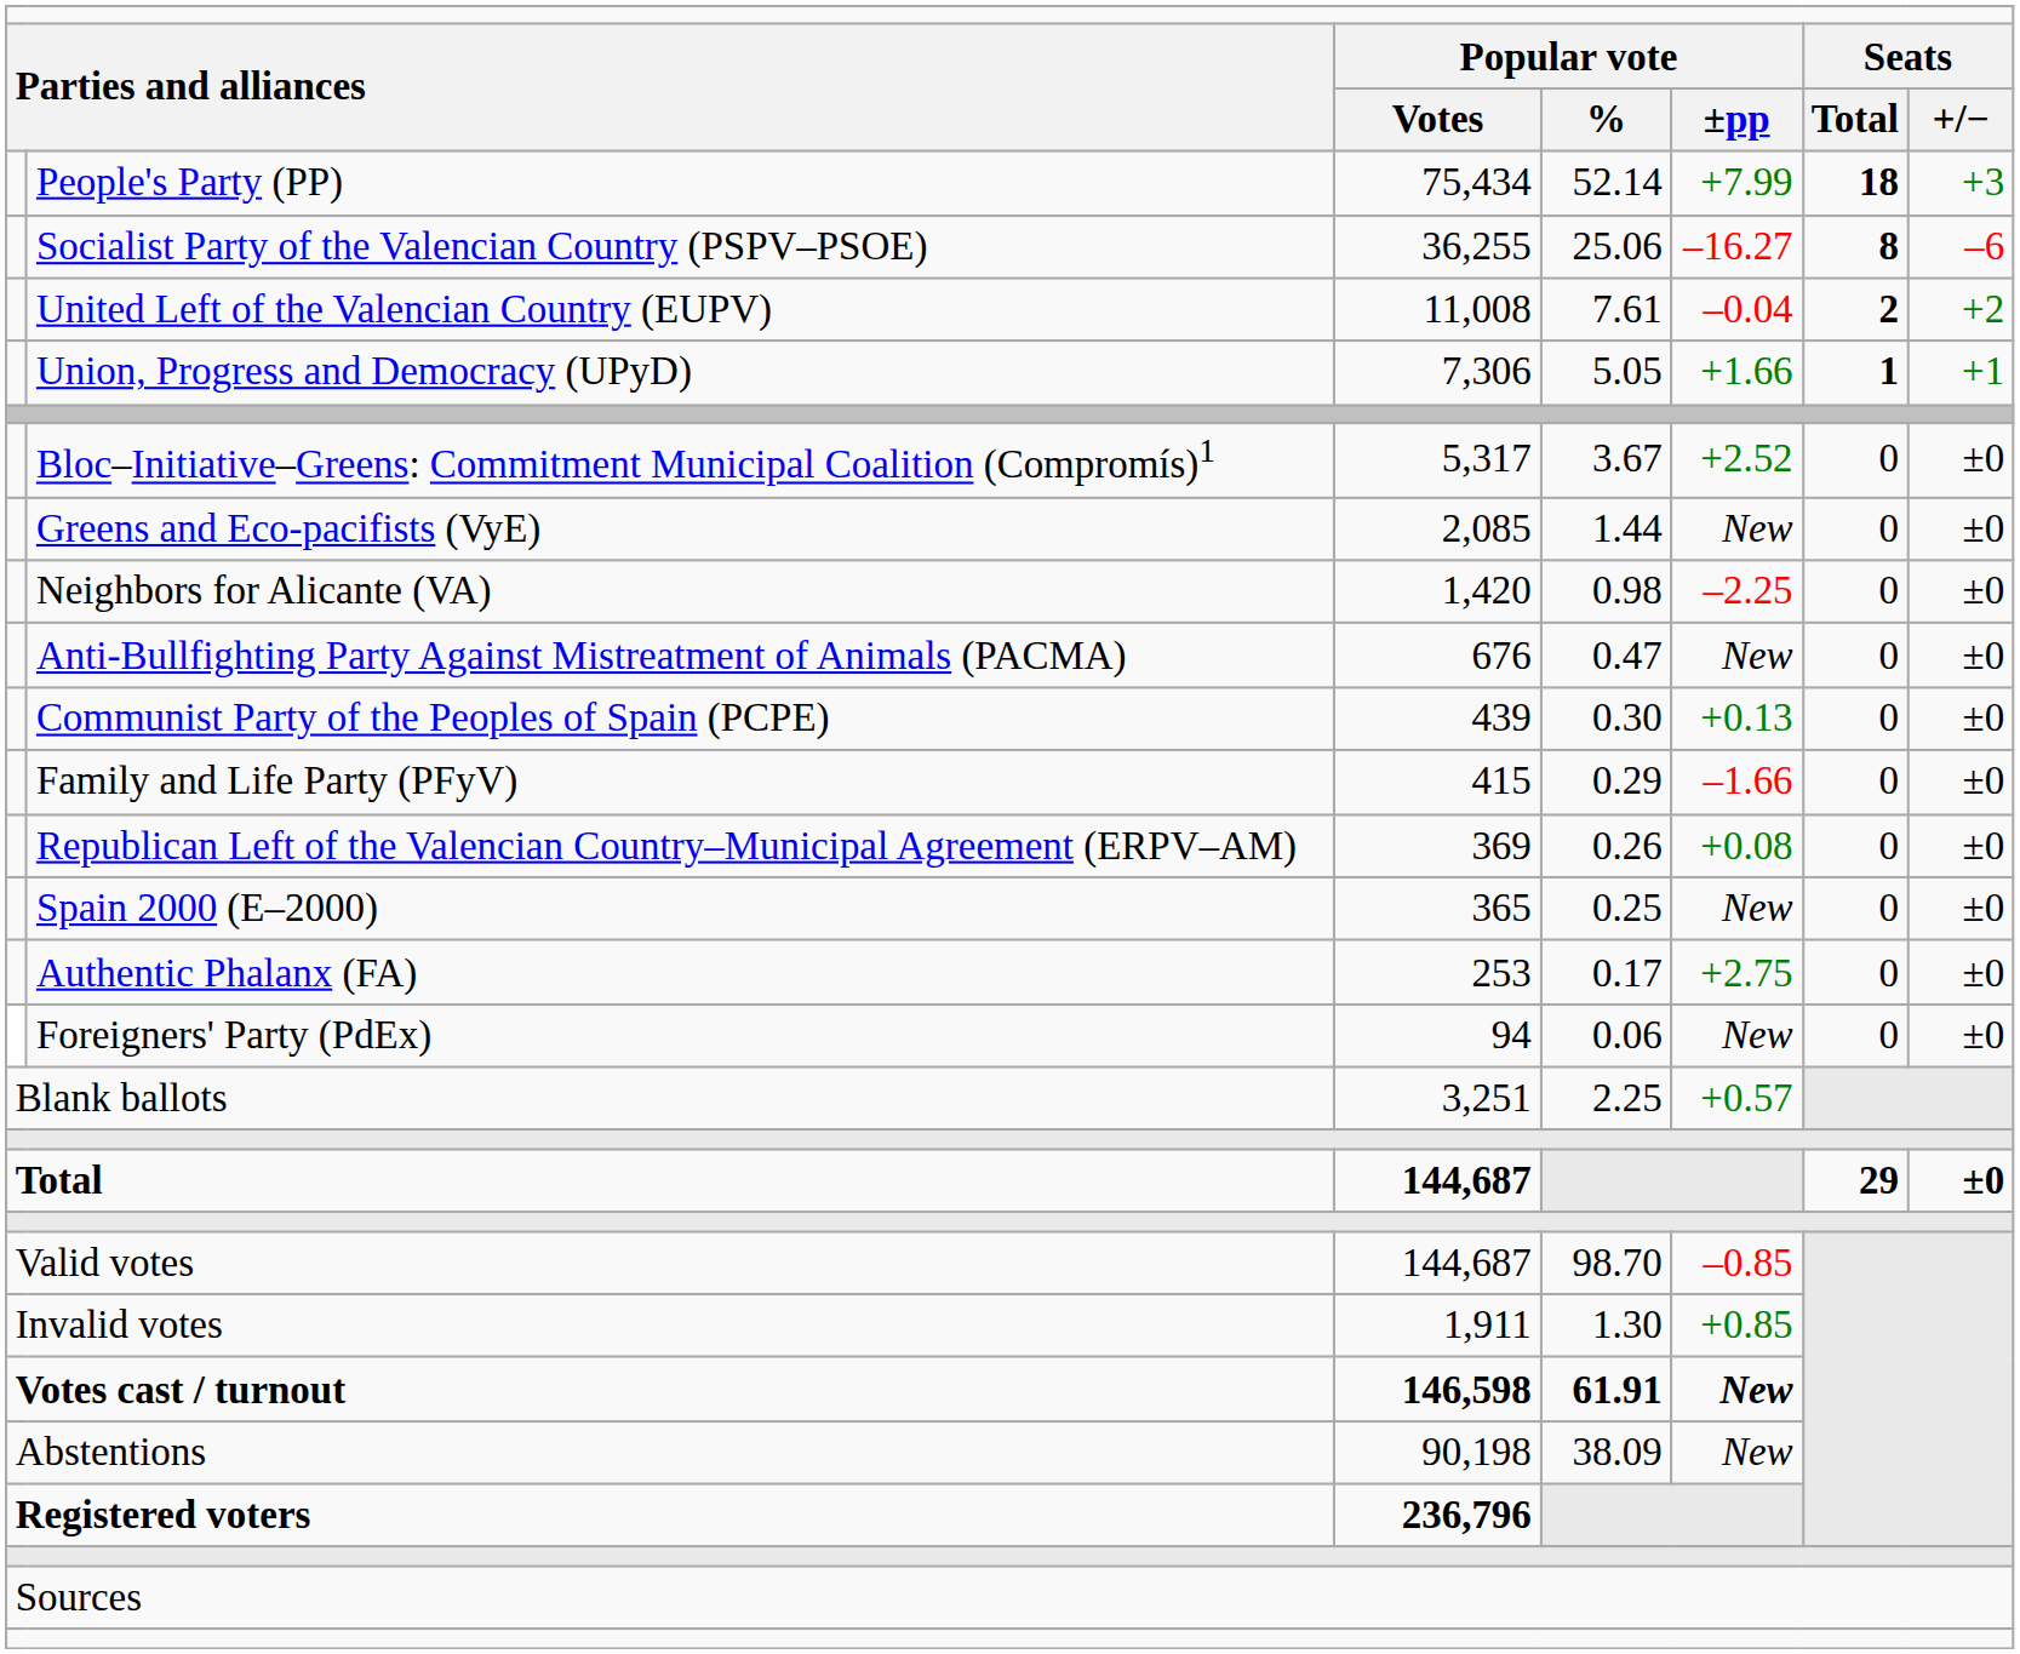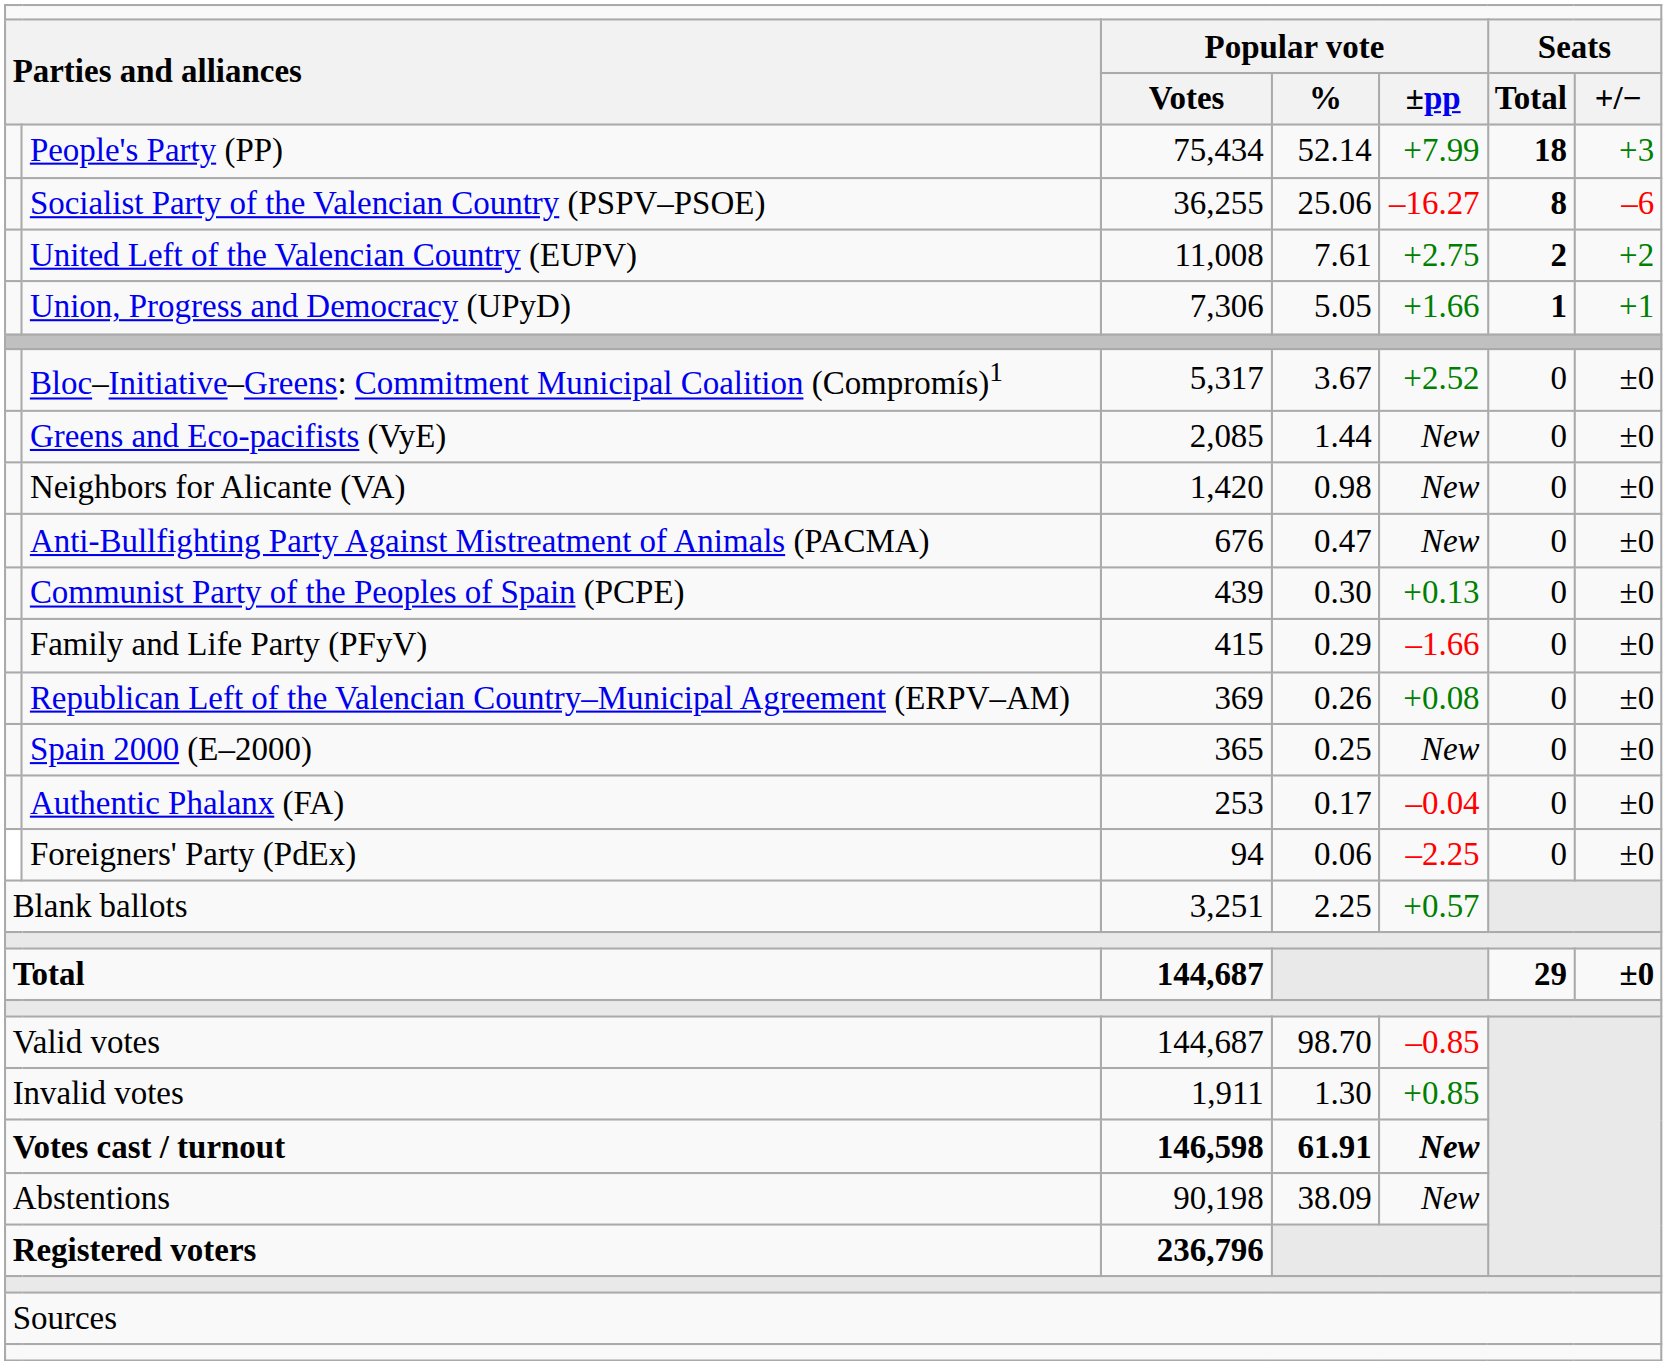 <table class="wikitable" style="text-align:right;">
 <tr>
 <td colspan="7"></td>
 </tr>
 <tr>
 <th style="text-align:left;" rowspan="2" colspan="2" width="525">Parties and alliances</th>
 <th colspan="3">Popular vote</th>
 <th colspan="2">Seats</th>
 </tr>
 <tr>
 <th width="75">Votes</th>
 <th width="45">%</th>
 <th width="45">±<a href='#'>pp</a></th>
 <th width="35">Total</th>
 <th width="35">+/−</th>
 </tr>
 <tr>
 <td width="1" style="color:inherit;background:"></td>
 <td align="left"><a href='#'>People's Party</a> (PP)</td>
 <td>75,434</td>
 <td>52.14</td>
 <td style="color:green;">+7.99</td>
 <td><strong>18</strong></td>
 <td style="color:green;">+3</td>
 </tr>
 <tr>
 <td style="color:inherit;background:"></td>
 <td align="left"><a href='#'>Socialist Party of the Valencian Country</a> (PSPV–PSOE)</td>
 <td>36,255</td>
 <td>25.06</td>
 <td style="color:red;">–16.27</td>
 <td><strong>8</strong></td>
 <td style="color:red;">–6</td>
 </tr>
 <tr>
 <td style="color:inherit;background:"></td>
 <td align="left"><a href='#'>United Left of the Valencian Country</a> (EUPV)</td>
 <td>11,008</td>
 <td>7.61</td>
-<td style="color:red;">–0.04</td>
+<td style="color:green;">+2.75</td>
 <td><strong>2</strong></td>
 <td style="color:green;">+2</td>
 </tr>
 <tr>
 <td style="color:inherit;background:"></td>
 <td align="left"><a href='#'>Union, Progress and Democracy</a> (UPyD)</td>
 <td>7,306</td>
 <td>5.05</td>
 <td style="color:green;">+1.66</td>
 <td><strong>1</strong></td>
 <td style="color:green;">+1</td>
 </tr>
 <tr>
 <td colspan="7" bgcolor="#C0C0C0"></td>
 </tr>
 <tr>
 <td style="color:inherit;background:"></td>
 <td align="left"><a href='#'>Bloc</a>–<a href='#'>Initiative</a>–<a href='#'>Greens</a>: <a href='#'>Commitment Municipal Coalition</a> (Compromís)<sup>1</sup></td>
 <td>5,317</td>
 <td>3.67</td>
 <td style="color:green;">+2.52</td>
 <td>0</td>
 <td>±0</td>
 </tr>
 <tr>
 <td style="color:inherit;background:"></td>
 <td align="left"><a href='#'>Greens and Eco-pacifists</a> (VyE)</td>
 <td>2,085</td>
 <td>1.44</td>
 <td><em>New</em></td>
 <td>0</td>
 <td>±0</td>
 </tr>
 <tr>
 <td style="color:inherit;background:"></td>
 <td align="left">Neighbors for Alicante (VA)</td>
 <td>1,420</td>
 <td>0.98</td>
-<td style="color:red;">–2.25</td>
+<td><em>New</em></td>
 <td>0</td>
 <td>±0</td>
 </tr>
 <tr>
 <td style="color:inherit;background:"></td>
 <td align="left"><a href='#'>Anti-Bullfighting Party Against Mistreatment of Animals</a> (PACMA)</td>
 <td>676</td>
 <td>0.47</td>
 <td><em>New</em></td>
 <td>0</td>
 <td>±0</td>
 </tr>
 <tr>
 <td style="color:inherit;background:"></td>
 <td align="left"><a href='#'>Communist Party of the Peoples of Spain</a> (PCPE)</td>
 <td>439</td>
 <td>0.30</td>
 <td style="color:green;">+0.13</td>
 <td>0</td>
 <td>±0</td>
 </tr>
 <tr>
 <td style="color:inherit;background:"></td>
 <td align="left">Family and Life Party (PFyV)</td>
 <td>415</td>
 <td>0.29</td>
 <td style="color:red;">–1.66</td>
 <td>0</td>
 <td>±0</td>
 </tr>
 <tr>
 <td style="color:inherit;background:"></td>
 <td align="left"><a href='#'>Republican Left of the Valencian Country–Municipal Agreement</a> (ERPV–AM)</td>
 <td>369</td>
 <td>0.26</td>
 <td style="color:green;">+0.08</td>
 <td>0</td>
 <td>±0</td>
 </tr>
 <tr>
 <td style="color:inherit;background:"></td>
 <td align="left"><a href='#'>Spain 2000</a> (E–2000)</td>
 <td>365</td>
 <td>0.25</td>
 <td><em>New</em></td>
 <td>0</td>
 <td>±0</td>
 </tr>
 <tr>
 <td style="color:inherit;background:"></td>
 <td align="left"><a href='#'>Authentic Phalanx</a> (FA)</td>
 <td>253</td>
 <td>0.17</td>
-<td style="color:green;">+2.75</td>
+<td style="color:red;">–0.04</td>
 <td>0</td>
 <td>±0</td>
 </tr>
 <tr>
 <td bgcolor="white"></td>
 <td align="left">Foreigners' Party (PdEx)</td>
 <td>94</td>
 <td>0.06</td>
-<td><em>New</em></td>
+<td style="color:red;">–2.25</td>
 <td>0</td>
 <td>±0</td>
 </tr>
 <tr>
 <td align="left" colspan="2">Blank ballots</td>
 <td>3,251</td>
 <td>2.25</td>
 <td style="color:green;">+0.57</td>
 <td bgcolor="#E9E9E9" colspan="2"></td>
 </tr>
 <tr>
 <td colspan="7" bgcolor="#E9E9E9"></td>
 </tr>
 <tr style="font-weight:bold;">
 <td align="left" colspan="2">Total</td>
 <td>144,687</td>
 <td bgcolor="#E9E9E9" colspan="2"></td>
 <td>29</td>
 <td>±0</td>
 </tr>
 <tr>
 <td colspan="7" bgcolor="#E9E9E9"></td>
 </tr>
 <tr>
 <td align="left" colspan="2">Valid votes</td>
 <td>144,687</td>
 <td>98.70</td>
 <td style="color:red;">–0.85</td>
 <td bgcolor="#E9E9E9" colspan="2" rowspan="5"></td>
 </tr>
 <tr>
 <td align="left" colspan="2">Invalid votes</td>
 <td>1,911</td>
 <td>1.30</td>
 <td style="color:green;">+0.85</td>
 </tr>
 <tr style="font-weight:bold;">
 <td align="left" colspan="2">Votes cast / turnout</td>
 <td>146,598</td>
 <td>61.91</td>
 <td><em>New</em></td>
 </tr>
 <tr>
 <td align="left" colspan="2">Abstentions</td>
 <td>90,198</td>
 <td>38.09</td>
 <td><em>New</em></td>
 </tr>
 <tr style="font-weight:bold;">
 <td align="left" colspan="2">Registered voters</td>
 <td>236,796</td>
 <td bgcolor="#E9E9E9" colspan="2"></td>
 </tr>
 <tr>
 <td colspan="7" bgcolor="#E9E9E9"></td>
 </tr>
 <tr>
 <td align="left" colspan="7">Sources</td>
 </tr>
 <tr>
 <td colspan="7" style="text-align:left; max-width:790px;"></td>
 </tr>
 </table>
